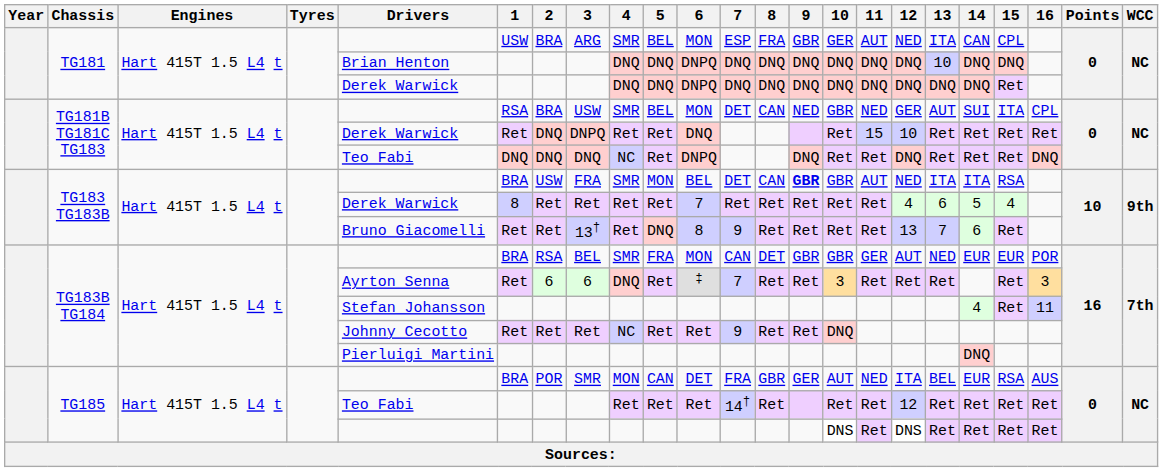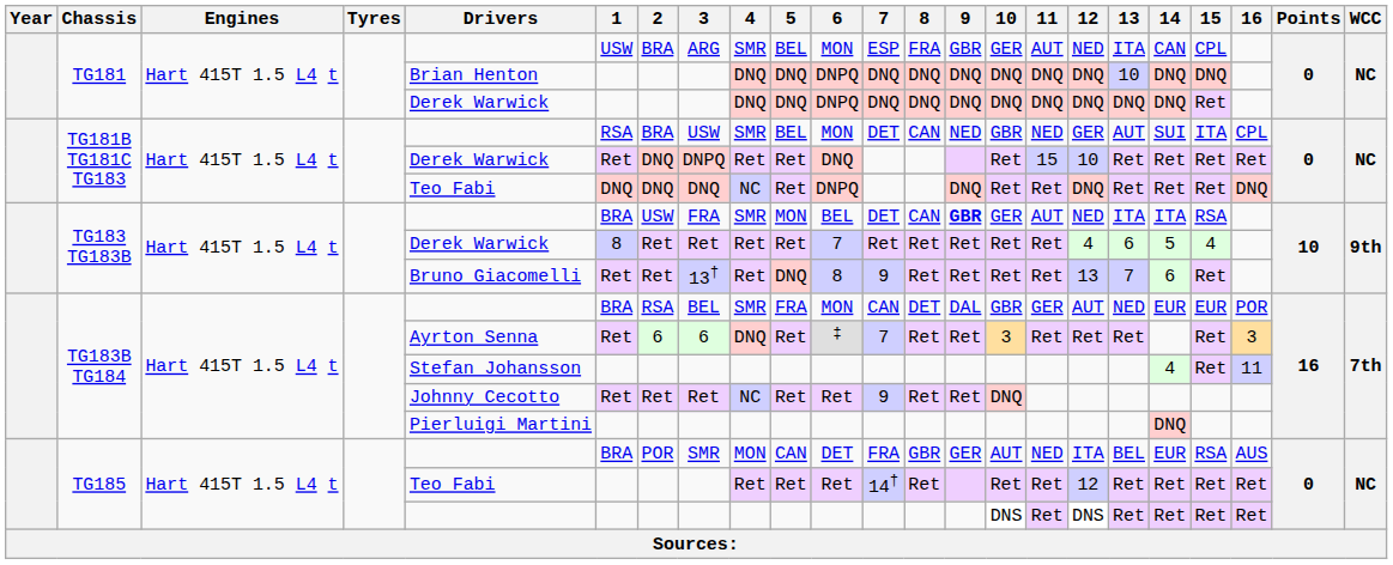 <table class="wikitable" style="text-align:center; font-size:85%">
 <tr>
 <th>Year</th>
 <th>Chassis</th>
 <th>Engines</th>
 <th>Tyres</th>
 <th>Drivers</th>
 <th>1</th>
 <th>2</th>
 <th>3</th>
 <th>4</th>
 <th>5</th>
 <th>6</th>
 <th>7</th>
 <th>8</th>
 <th>9</th>
 <th>10</th>
 <th>11</th>
 <th>12</th>
 <th>13</th>
 <th>14</th>
 <th>15</th>
 <th>16</th>
 <th>Points</th>
 <th>WCC</th>
 </tr>
 <tr>
 <th rowspan="3"></th>
 <td rowspan="3"><a href='#'>TG181</a></td>
 <td rowspan="3"><a href='#'>Hart</a> 415T 1.5 <a href='#'>L4</a> <a href='#'>t</a></td>
 <td rowspan="3"></td>
 <td></td>
 <td><a href='#'>USW</a></td>
 <td><a href='#'>BRA</a></td>
 <td><a href='#'>ARG</a></td>
 <td><a href='#'>SMR</a></td>
 <td><a href='#'>BEL</a></td>
 <td><a href='#'>MON</a></td>
 <td><a href='#'>ESP</a></td>
 <td><a href='#'>FRA</a></td>
 <td><a href='#'>GBR</a></td>
 <td><a href='#'>GER</a></td>
 <td><a href='#'>AUT</a></td>
 <td><a href='#'>NED</a></td>
 <td><a href='#'>ITA</a></td>
 <td><a href='#'>CAN</a></td>
 <td><a href='#'>CPL</a></td>
 <td></td>
 <th rowspan="3">0</th>
 <th rowspan="3">NC</th>
 </tr>
 <tr>
 <td align="left"> <a href='#'>Brian Henton</a></td>
 <td></td>
 <td></td>
 <td></td>
 <td style="background:#ffcfcf;">DNQ</td>
 <td style="background:#ffcfcf;">DNQ</td>
 <td style="background:#ffcfcf;">DNPQ</td>
 <td style="background:#ffcfcf;">DNQ</td>
 <td style="background:#ffcfcf;">DNQ</td>
 <td style="background:#ffcfcf;">DNQ</td>
 <td style="background:#ffcfcf;">DNQ</td>
 <td style="background:#ffcfcf;">DNQ</td>
 <td style="background:#ffcfcf;">DNQ</td>
 <td style="background:#cfcfff;">10</td>
 <td style="background:#ffcfcf;">DNQ</td>
 <td style="background:#ffcfcf;">DNQ</td>
 <td></td>
 </tr>
 <tr>
 <td align="left"> <a href='#'>Derek Warwick</a></td>
 <td></td>
 <td></td>
 <td></td>
 <td style="background:#ffcfcf;">DNQ</td>
 <td style="background:#ffcfcf;">DNQ</td>
 <td style="background:#ffcfcf;">DNPQ</td>
 <td style="background:#ffcfcf;">DNQ</td>
 <td style="background:#ffcfcf;">DNQ</td>
 <td style="background:#ffcfcf;">DNQ</td>
 <td style="background:#ffcfcf;">DNQ</td>
 <td style="background:#ffcfcf;">DNQ</td>
 <td style="background:#ffcfcf;">DNQ</td>
 <td style="background:#ffcfcf;">DNQ</td>
 <td style="background:#ffcfcf;">DNQ</td>
 <td style="background:#efcfff;">Ret</td>
 <td></td>
 </tr>
 <tr>
 <th rowspan="3"></th>
 <td rowspan="3"><a href='#'>TG181B</a><br><a href='#'>TG181C</a><br> <a href='#'>TG183</a></td>
 <td rowspan="3"><a href='#'>Hart</a> 415T 1.5 <a href='#'>L4</a> <a href='#'>t</a></td>
 <td rowspan="3"></td>
 <td></td>
 <td><a href='#'>RSA</a></td>
 <td><a href='#'>BRA</a></td>
 <td><a href='#'>USW</a></td>
 <td><a href='#'>SMR</a></td>
 <td><a href='#'>BEL</a></td>
 <td><a href='#'>MON</a></td>
 <td><a href='#'>DET</a></td>
 <td><a href='#'>CAN</a></td>
 <td><a href='#'>NED</a></td>
 <td><a href='#'>GBR</a></td>
 <td><a href='#'>NED</a></td>
 <td><a href='#'>GER</a></td>
 <td><a href='#'>AUT</a></td>
 <td><a href='#'>SUI</a></td>
 <td><a href='#'>ITA</a></td>
 <td><a href='#'>CPL</a></td>
 <th rowspan="3">0</th>
 <th rowspan="3">NC</th>
 </tr>
 <tr>
 <td align="left"> <a href='#'>Derek Warwick</a></td>
 <td style="background:#efcfff;">Ret</td>
 <td style="background:#ffcfcf;">DNQ</td>
 <td style="background:#ffcfcf;">DNPQ</td>
 <td style="background:#efcfff;">Ret</td>
 <td style="background:#efcfff;">Ret</td>
 <td style="background:#ffcfcf;">DNQ</td>
 <td></td>
 <td></td>
 <td style="background:#efcfff;"></td>
 <td style="background:#efcfff;">Ret</td>
 <td style="background:#cfcfff;">15</td>
 <td style="background:#cfcfff;">10</td>
 <td style="background:#efcfff;">Ret</td>
 <td style="background:#efcfff;">Ret</td>
 <td style="background:#efcfff;">Ret</td>
 <td style="background:#efcfff;">Ret</td>
 </tr>
 <tr>
 <td align="left"> <a href='#'>Teo Fabi</a></td>
 <td style="background:#ffcfcf;">DNQ</td>
 <td style="background:#ffcfcf;">DNQ</td>
 <td style="background:#ffcfcf;">DNQ</td>
 <td style="background:#cfcfff;">NC</td>
 <td style="background:#efcfff;">Ret</td>
 <td style="background:#ffcfcf;">DNPQ</td>
 <td></td>
 <td></td>
 <td style="background:#ffcfcf;">DNQ</td>
 <td style="background:#efcfff;">Ret</td>
 <td style="background:#efcfff;">Ret</td>
 <td style="background:#ffcfcf;">DNQ</td>
 <td style="background:#efcfff;">Ret</td>
 <td style="background:#efcfff;">Ret</td>
 <td style="background:#efcfff;">Ret</td>
 <td style="background:#ffcfcf;">DNQ</td>
 </tr>
 <tr>
 <th rowspan="3"></th>
 <td rowspan="3"><a href='#'>TG183</a><br><a href='#'>TG183B</a></td>
 <td rowspan="3"><a href='#'>Hart</a> 415T 1.5 <a href='#'>L4</a> <a href='#'>t</a></td>
 <td rowspan="3"></td>
 <td></td>
 <td><a href='#'>BRA</a></td>
 <td><a href='#'>USW</a></td>
 <td><a href='#'>FRA</a></td>
 <td><a href='#'>SMR</a></td>
 <td><a href='#'>MON</a></td>
 <td><a href='#'>BEL</a></td>
 <td><a href='#'>DET</a></td>
 <td><a href='#'>CAN</a></td>
 <td><strong><a href='#'>GBR</a></strong></td>
-<td><a href='#'>GBR</a></td>
+<td><a href='#'>GER</a></td>
 <td><a href='#'>AUT</a></td>
 <td><a href='#'>NED</a></td>
 <td><a href='#'>ITA</a></td>
 <td><a href='#'>ITA</a></td>
 <td><a href='#'>RSA</a></td>
 <td></td>
 <th rowspan="3">10</th>
 <th rowspan="3">9th</th>
 </tr>
 <tr>
 <td align="left"> <a href='#'>Derek Warwick</a></td>
 <td style="background:#cfcfff;">8</td>
 <td style="background:#efcfff;">Ret</td>
 <td style="background:#efcfff;">Ret</td>
 <td style="background:#efcfff;">Ret</td>
 <td style="background:#efcfff;">Ret</td>
 <td style="background:#cfcfff;">7</td>
 <td style="background:#efcfff;">Ret</td>
 <td style="background:#efcfff;">Ret</td>
 <td style="background:#efcfff;">Ret</td>
 <td style="background:#efcfff;">Ret</td>
 <td style="background:#efcfff;">Ret</td>
 <td style="background:#dfffdf;">4</td>
 <td style="background:#dfffdf;">6</td>
 <td style="background:#dfffdf;">5</td>
 <td style="background:#dfffdf;">4</td>
 <td></td>
 </tr>
 <tr>
 <td align="left"> <a href='#'>Bruno Giacomelli</a></td>
 <td style="background:#efcfff;">Ret</td>
 <td style="background:#efcfff;">Ret</td>
 <td style="background:#cfcfff;">13<sup>†</sup></td>
 <td style="background:#efcfff;">Ret</td>
 <td style="background:#ffcfcf;">DNQ</td>
 <td style="background:#cfcfff;">8</td>
 <td style="background:#cfcfff;">9</td>
 <td style="background:#efcfff;">Ret</td>
 <td style="background:#efcfff;">Ret</td>
 <td style="background:#efcfff;">Ret</td>
 <td style="background:#efcfff;">Ret</td>
 <td style="background:#cfcfff;">13</td>
 <td style="background:#cfcfff;">7</td>
 <td style="background:#dfffdf;">6</td>
 <td style="background:#efcfff;">Ret</td>
 <td></td>
 </tr>
 <tr>
 <th rowspan="5"></th>
 <td rowspan="5"><a href='#'>TG183B</a><br><a href='#'>TG184</a></td>
 <td rowspan="5"><a href='#'>Hart</a> 415T 1.5 <a href='#'>L4</a> <a href='#'>t</a></td>
 <td rowspan="5"><br></td>
 <td></td>
 <td><a href='#'>BRA</a></td>
 <td><a href='#'>RSA</a></td>
 <td><a href='#'>BEL</a></td>
 <td><a href='#'>SMR</a></td>
 <td><a href='#'>FRA</a></td>
 <td><a href='#'>MON</a></td>
 <td><a href='#'>CAN</a></td>
 <td><a href='#'>DET</a></td>
-<td><a href='#'>GBR</a></td>
+<td><a href='#'>DAL</a></td>
 <td><a href='#'>GBR</a></td>
 <td><a href='#'>GER</a></td>
 <td><a href='#'>AUT</a></td>
 <td><a href='#'>NED</a></td>
 <td><a href='#'>EUR</a></td>
 <td><a href='#'>EUR</a></td>
 <td><a href='#'>POR</a></td>
 <th rowspan="5">16</th>
 <th rowspan="5">7th</th>
 </tr>
 <tr>
 <td align="left"> <a href='#'>Ayrton Senna</a></td>
 <td style="background:#efcfff;">Ret</td>
 <td style="background:#dfffdf;">6</td>
 <td style="background:#dfffdf;">6</td>
 <td style="background:#ffcfcf;">DNQ</td>
 <td style="background:#efcfff;">Ret</td>
 <td style="background:#dfdfdf;"><sup>‡</sup></td>
 <td style="background:#cfcfff;">7</td>
 <td style="background:#efcfff;">Ret</td>
 <td style="background:#efcfff;">Ret</td>
 <td style="background:#ffdf9f;">3</td>
 <td style="background:#efcfff;">Ret</td>
 <td style="background:#efcfff;">Ret</td>
 <td style="background:#efcfff;">Ret</td>
 <td></td>
 <td style="background:#efcfff;">Ret</td>
 <td style="background:#ffdf9f;">3</td>
 </tr>
 <tr>
 <td align="left"> <a href='#'>Stefan Johansson</a></td>
 <td></td>
 <td></td>
 <td></td>
 <td></td>
 <td></td>
 <td></td>
 <td></td>
 <td></td>
 <td></td>
 <td></td>
 <td></td>
 <td></td>
 <td></td>
 <td style="background:#dfffdf;">4</td>
 <td style="background:#efcfff;">Ret</td>
 <td style="background:#cfcfff;">11</td>
 </tr>
 <tr>
 <td align="left"> <a href='#'>Johnny Cecotto</a></td>
 <td style="background:#efcfff;">Ret</td>
 <td style="background:#efcfff;">Ret</td>
 <td style="background:#efcfff;">Ret</td>
 <td style="background:#cfcfff;">NC</td>
 <td style="background:#efcfff;">Ret</td>
 <td style="background:#efcfff;">Ret</td>
 <td style="background:#cfcfff;">9</td>
 <td style="background:#efcfff;">Ret</td>
 <td style="background:#efcfff;">Ret</td>
 <td style="background:#ffcfcf;">DNQ</td>
 <td></td>
 <td></td>
 <td></td>
 <td></td>
 <td></td>
 <td></td>
 </tr>
 <tr>
 <td align="left"> <a href='#'>Pierluigi Martini</a></td>
 <td></td>
 <td></td>
 <td></td>
 <td></td>
 <td></td>
 <td></td>
 <td></td>
 <td></td>
 <td></td>
 <td></td>
 <td></td>
 <td></td>
 <td></td>
 <td style="background:#ffcfcf;">DNQ</td>
 <td></td>
 <td></td>
 </tr>
 <tr>
 <th rowspan="3"></th>
 <td rowspan="3"><a href='#'>TG185</a></td>
 <td rowspan="3"><a href='#'>Hart</a> 415T 1.5 <a href='#'>L4</a> <a href='#'>t</a></td>
 <td rowspan="3"></td>
 <td></td>
 <td><a href='#'>BRA</a></td>
 <td><a href='#'>POR</a></td>
 <td><a href='#'>SMR</a></td>
 <td><a href='#'>MON</a></td>
 <td><a href='#'>CAN</a></td>
 <td><a href='#'>DET</a></td>
 <td><a href='#'>FRA</a></td>
 <td><a href='#'>GBR</a></td>
 <td><a href='#'>GER</a></td>
 <td><a href='#'>AUT</a></td>
 <td><a href='#'>NED</a></td>
 <td><a href='#'>ITA</a></td>
 <td><a href='#'>BEL</a></td>
 <td><a href='#'>EUR</a></td>
 <td><a href='#'>RSA</a></td>
 <td><a href='#'>AUS</a></td>
 <th rowspan="3">0</th>
 <th rowspan="3">NC</th>
 </tr>
 <tr>
 <td align="left"> <a href='#'>Teo Fabi</a></td>
 <td></td>
 <td></td>
 <td></td>
 <td style="background:#efcfff;">Ret</td>
 <td style="background:#efcfff;">Ret</td>
 <td style="background:#efcfff;">Ret</td>
 <td style="background:#cfcfff;">14<sup>†</sup></td>
 <td style="background:#efcfff;">Ret</td>
 <td style="background:#efcfff;"></td>
 <td style="background:#efcfff;">Ret</td>
 <td style="background:#efcfff;">Ret</td>
 <td style="background:#cfcfff;">12</td>
 <td style="background:#efcfff;">Ret</td>
 <td style="background:#efcfff;">Ret</td>
 <td style="background:#efcfff;">Ret</td>
 <td style="background:#efcfff;">Ret</td>
 </tr>
 <tr>
 <td align="left"></td>
 <td></td>
 <td></td>
 <td></td>
 <td></td>
 <td></td>
 <td></td>
 <td></td>
 <td></td>
 <td></td>
 <td style="background:white;">DNS</td>
 <td style="background:#efcfff;">Ret</td>
 <td style="background:white;">DNS</td>
 <td style="background:#efcfff;">Ret</td>
 <td style="background:#efcfff;">Ret</td>
 <td style="background:#efcfff;">Ret</td>
 <td style="background:#efcfff;">Ret</td>
 </tr>
 <tr>
 <th colspan="23">Sources:</th>
 </tr>
 </table>
